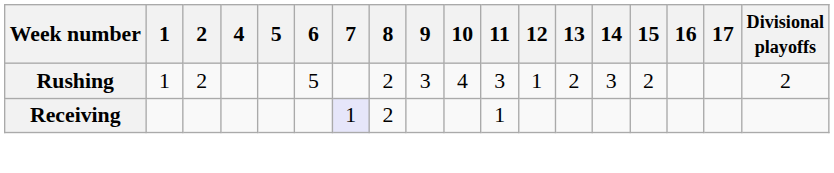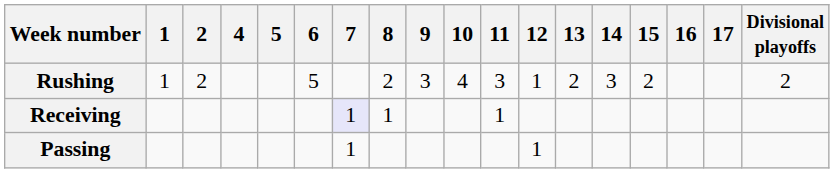 <table class="wikitable">
 <tr>
 <th scope="col">Week number</th>
 <th scope="col" width="20">1</th>
 <th scope="col" width="20">2</th>
 <th scope="col" width="20">4</th>
 <th scope="col" width="20">5</th>
 <th scope="col" width="20">6</th>
 <th scope="col" width="20">7</th>
 <th scope="col" width="20">8</th>
 <th scope="col" width="20">9</th>
 <th scope="col" width="20">10</th>
 <th scope="col" width="20">11</th>
 <th scope="col" width="20">12</th>
 <th scope="col" width="20">13</th>
 <th scope="col" width="20">14</th>
 <th scope="col" width="20">15</th>
 <th scope="col" width="20">16</th>
 <th scope="col" width="20">17</th>
 <th scope="col"><small>Divisional<br>playoffs</small></th>
 </tr>
 <tr>
 <th scope="row">Rushing</th>
 <td style="text-align:center;">1</td>
 <td style="text-align:center;">2</td>
 <td></td>
 <td></td>
 <td style="text-align:center;">5</td>
 <td></td>
 <td style="text-align:center;">2</td>
 <td style="text-align:center;">3</td>
 <td style="text-align:center;">4</td>
 <td style="text-align:center;">3</td>
 <td style="text-align:center;">1</td>
 <td style="text-align:center;">2</td>
 <td style="text-align:center;">3</td>
 <td style="text-align:center;">2</td>
 <td></td>
 <td></td>
 <td style="text-align:center;">2</td>
 </tr>
 <tr>
 <th scope="row">Receiving</th>
 <td></td>
 <td></td>
 <td></td>
 <td></td>
 <td></td>
 <td style="background: lavender; text-align:center;">1</td>
-<td style="text-align:center;">2</td>
+<td style="text-align:center;">1</td>
 <td></td>
 <td></td>
 <td style="text-align:center;">1</td>
 <td></td>
 <td></td>
 <td></td>
 <td></td>
 <td></td>
 <td></td>
 <td></td>
 </tr>
+<tr>
+<th scope="row">Passing</th>
+<td></td>
+<td></td>
+<td></td>
+<td></td>
+<td></td>
+<td style="text-align:center;">1</td>
+<td></td>
+<td></td>
+<td></td>
+<td></td>
+<td style="text-align:center;">1</td>
+<td></td>
+<td></td>
+<td></td>
+<td></td>
+<td></td>
+<td></td>
+</tr>
 </table>
